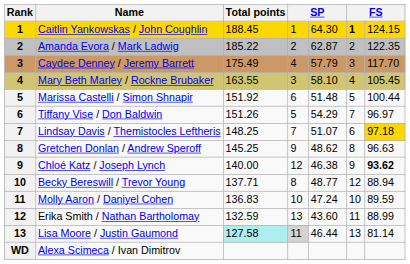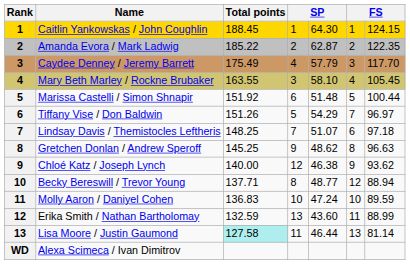 <table class="wikitable sortable">
 <tr>
 <th>Rank</th>
 <th>Name</th>
 <th>Total points</th>
 <th colspan="2" width="80px"><a href='#'>SP</a></th>
 <th colspan="2" width="80px"><a href='#'>FS</a></th>
 </tr>
 <tr bgcolor="gold">
 <td align="center"><strong>1</strong></td>
 <td><a href='#'>Caitlin Yankowskas</a> / <a href='#'>John Coughlin</a></td>
 <td>188.45</td>
 <td>1</td>
 <td>64.30</td>
-<td><strong>1</strong></td>
+<td>1</td>
 <td>124.15</td>
 </tr>
 <tr bgcolor="silver">
 <td align="center"><strong>2</strong></td>
 <td><a href='#'>Amanda Evora</a> / <a href='#'>Mark Ladwig</a></td>
 <td>185.22</td>
 <td>2</td>
 <td>62.87</td>
 <td>2</td>
 <td>122.35</td>
 </tr>
 <tr bgcolor="cc9966">
 <td align="center"><strong>3</strong></td>
 <td><a href='#'>Caydee Denney</a> / <a href='#'>Jeremy Barrett</a></td>
 <td>175.49</td>
 <td>4</td>
 <td>57.79</td>
 <td>3</td>
 <td>117.70</td>
 </tr>
 <tr bgcolor="#d1c571">
 <td align="center"><strong>4</strong></td>
 <td><a href='#'>Mary Beth Marley</a> / <a href='#'>Rockne Brubaker</a></td>
 <td>163.55</td>
 <td>3</td>
 <td>58.10</td>
 <td>4</td>
 <td>105.45</td>
 </tr>
 <tr>
 <th>5</th>
 <td><a href='#'>Marissa Castelli</a> / <a href='#'>Simon Shnapir</a></td>
 <td>151.92</td>
 <td>6</td>
 <td>51.48</td>
 <td>5</td>
 <td>100.44</td>
 </tr>
 <tr>
 <th>6</th>
 <td><a href='#'>Tiffany Vise</a> / <a href='#'>Don Baldwin</a></td>
 <td>151.26</td>
 <td>5</td>
 <td>54.29</td>
 <td>7</td>
 <td>96.97</td>
 </tr>
 <tr>
 <th>7</th>
 <td><a href='#'>Lindsay Davis</a> / <a href='#'>Themistocles Leftheris</a></td>
 <td>148.25</td>
 <td>7</td>
 <td>51.07</td>
 <td>6</td>
-<td style="background: gold;">97.18</td>
+<td>97.18</td>
 </tr>
 <tr>
 <th>8</th>
 <td><a href='#'>Gretchen Donlan</a> / <a href='#'>Andrew Speroff</a></td>
 <td>145.25</td>
 <td>9</td>
 <td>48.62</td>
 <td>8</td>
 <td>96.63</td>
 </tr>
 <tr>
 <th>9</th>
 <td><a href='#'>Chloé Katz</a> / <a href='#'>Joseph Lynch</a></td>
 <td>140.00</td>
 <td>12</td>
 <td>46.38</td>
 <td>9</td>
-<td><strong>93.62</strong></td>
+<td>93.62</td>
 </tr>
 <tr>
 <th>10</th>
 <td><a href='#'>Becky Bereswill</a> / <a href='#'>Trevor Young</a></td>
 <td>137.71</td>
 <td>8</td>
 <td>48.77</td>
 <td>12</td>
 <td>88.94</td>
 </tr>
 <tr>
 <th>11</th>
 <td><a href='#'>Molly Aaron</a> / <a href='#'>Daniyel Cohen</a></td>
 <td>136.83</td>
 <td>10</td>
 <td>47.24</td>
 <td>10</td>
 <td>89.59</td>
 </tr>
 <tr>
 <th>12</th>
 <td>Erika Smith / <a href='#'>Nathan Bartholomay</a></td>
 <td>132.59</td>
 <td>13</td>
 <td>43.60</td>
 <td>11</td>
 <td>88.99</td>
 </tr>
 <tr>
 <th>13</th>
 <td><a href='#'>Lisa Moore</a> / <a href='#'>Justin Gaumond</a></td>
 <td style="background: paleturquoise;">127.58</td>
-<td style="background: lightgrey;">11</td>
+<td>11</td>
 <td>46.44</td>
 <td>13</td>
 <td>81.14</td>
 </tr>
 <tr>
 <th>WD</th>
 <td><a href='#'>Alexa Scimeca</a> / Ivan Dimitrov</td>
 <td></td>
 <td></td>
 <td></td>
 <td></td>
 <td></td>
 </tr>
 </table>
